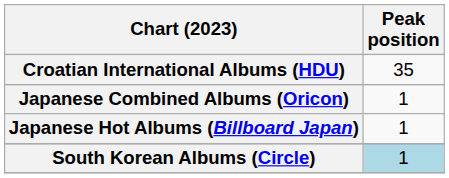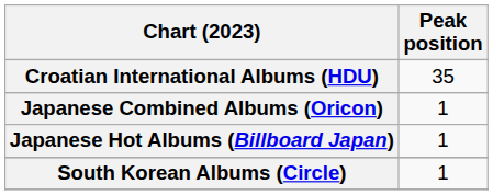 <table class="wikitable sortable plainrowheaders" style="text-align:center;">
 <tr>
 <th scope="col">Chart (2023)</th>
 <th scope="col">Peak<br>position</th>
 </tr>
 <tr>
 </tr>
 <tr>
 </tr>
 <tr>
 </tr>
 <tr>
 </tr>
 <tr>
 <th scope="row">Croatian International Albums (<a href='#'>HDU</a>)</th>
 <td>35</td>
 </tr>
 <tr>
 </tr>
 <tr>
 </tr>
 <tr>
 </tr>
 <tr>
 </tr>
 <tr>
 <th scope="row">Japanese Combined Albums (<a href='#'>Oricon</a>)</th>
 <td>1</td>
 </tr>
 <tr>
 <th scope="row">Japanese Hot Albums (<em><a href='#'>Billboard Japan</a></em>)</th>
 <td>1</td>
 </tr>
 <tr>
 </tr>
 <tr>
 </tr>
 <tr>
 </tr>
 <tr>
 <th scope="row">South Korean Albums (<a href='#'>Circle</a>)</th>
-<td style="background: lightblue;">1</td>
+<td>1</td>
 </tr>
 <tr>
 </tr>
 <tr>
 </tr>
 <tr>
 </tr>
 <tr>
 </tr>
 <tr>
 </tr>
 </table>
